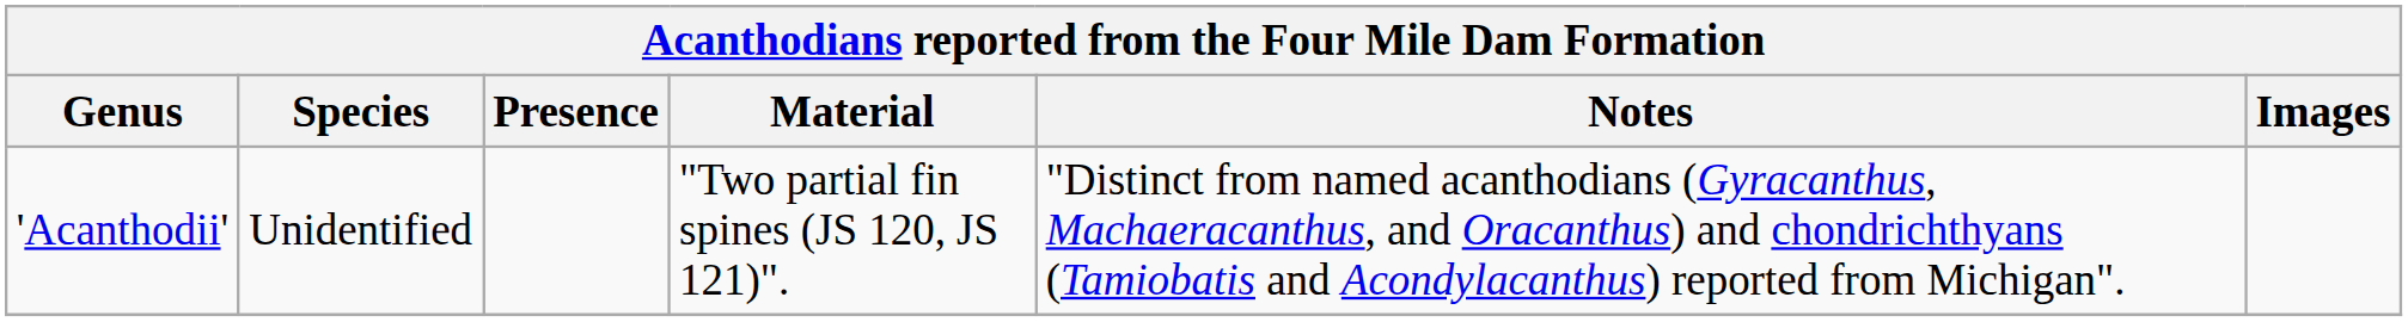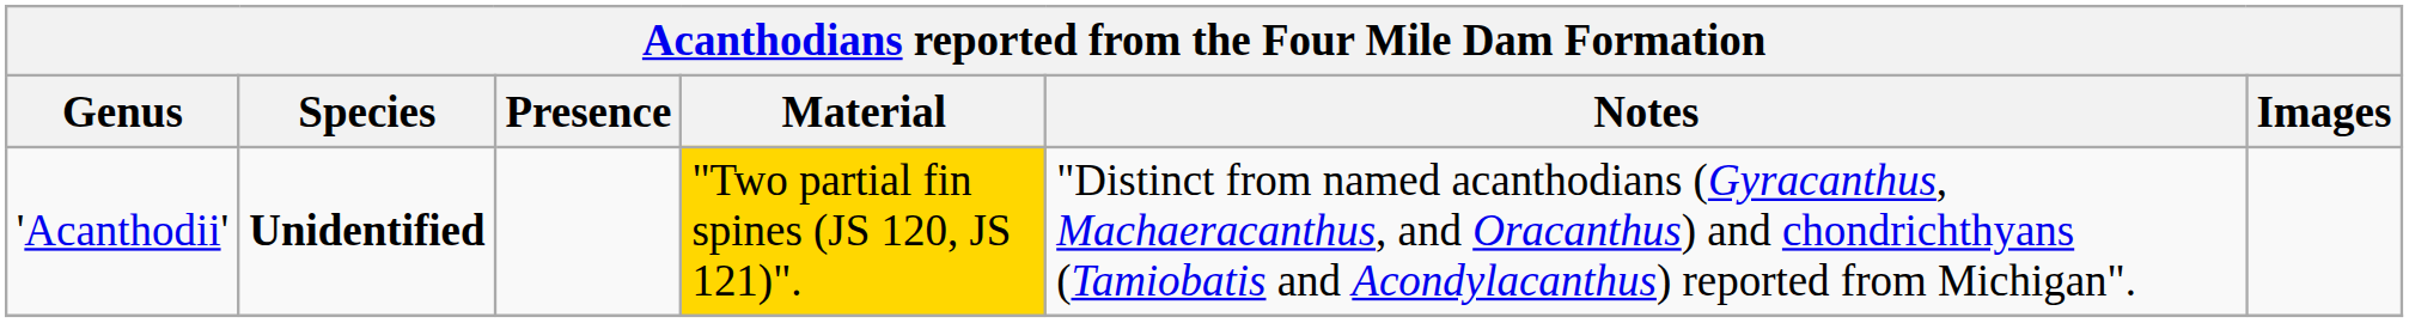 <table class="wikitable" align="center">
 <tr>
 <th colspan="6" align="center"><strong><a href='#'>Acanthodians</a> reported from the Four Mile Dam Formation</strong></th>
 </tr>
 <tr>
 <th>Genus</th>
 <th>Species</th>
 <th>Presence</th>
 <th><strong>Material</strong></th>
 <th>Notes</th>
 <th>Images</th>
 </tr>
 <tr>
 <td>'<a href='#'>Acanthodii</a>'</td>
-<td>Unidentified</td>
+<td><strong>Unidentified</strong></td>
 <td></td>
-<td>"Two partial fin spines (JS 120, JS 121)".</td>
+<td style="background: gold;">"Two partial fin spines (JS 120, JS 121)".</td>
 <td>"Distinct from named acanthodians (<em><a href='#'>Gyracanthus</a></em>, <em><a href='#'>Machaeracanthus</a></em>, and <em><a href='#'>Oracanthus</a></em>) and <a href='#'>chondrichthyans</a> (<em><a href='#'>Tamiobatis</a></em> and <em><a href='#'>Acondylacanthus</a></em>) reported from Michigan".</td>
 <td></td>
 </tr>
 <tr>
 </tr>
 </table>
